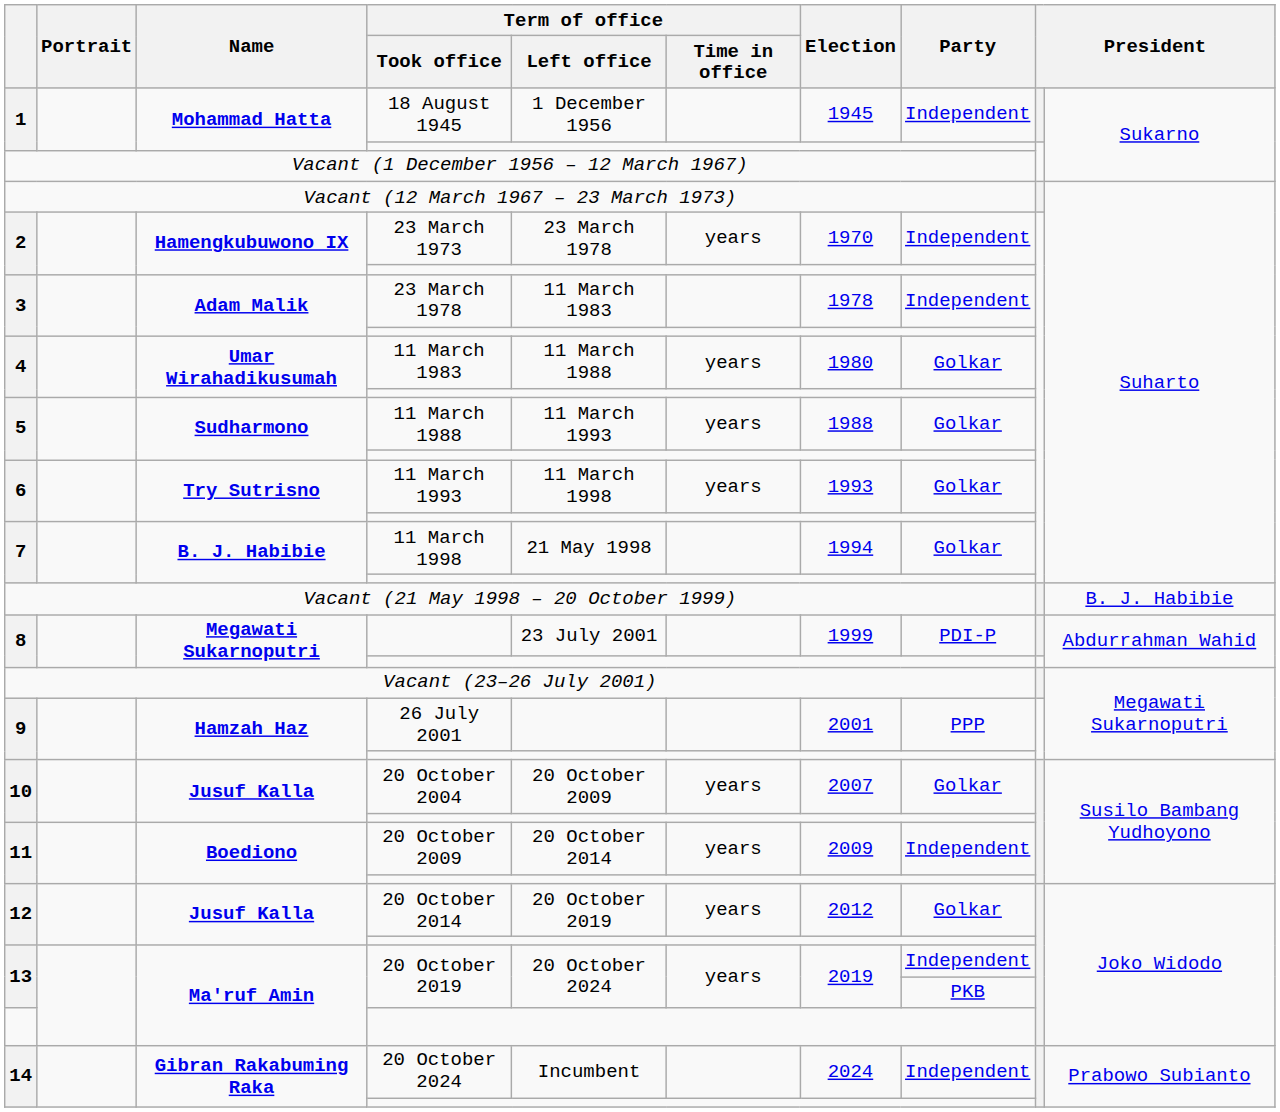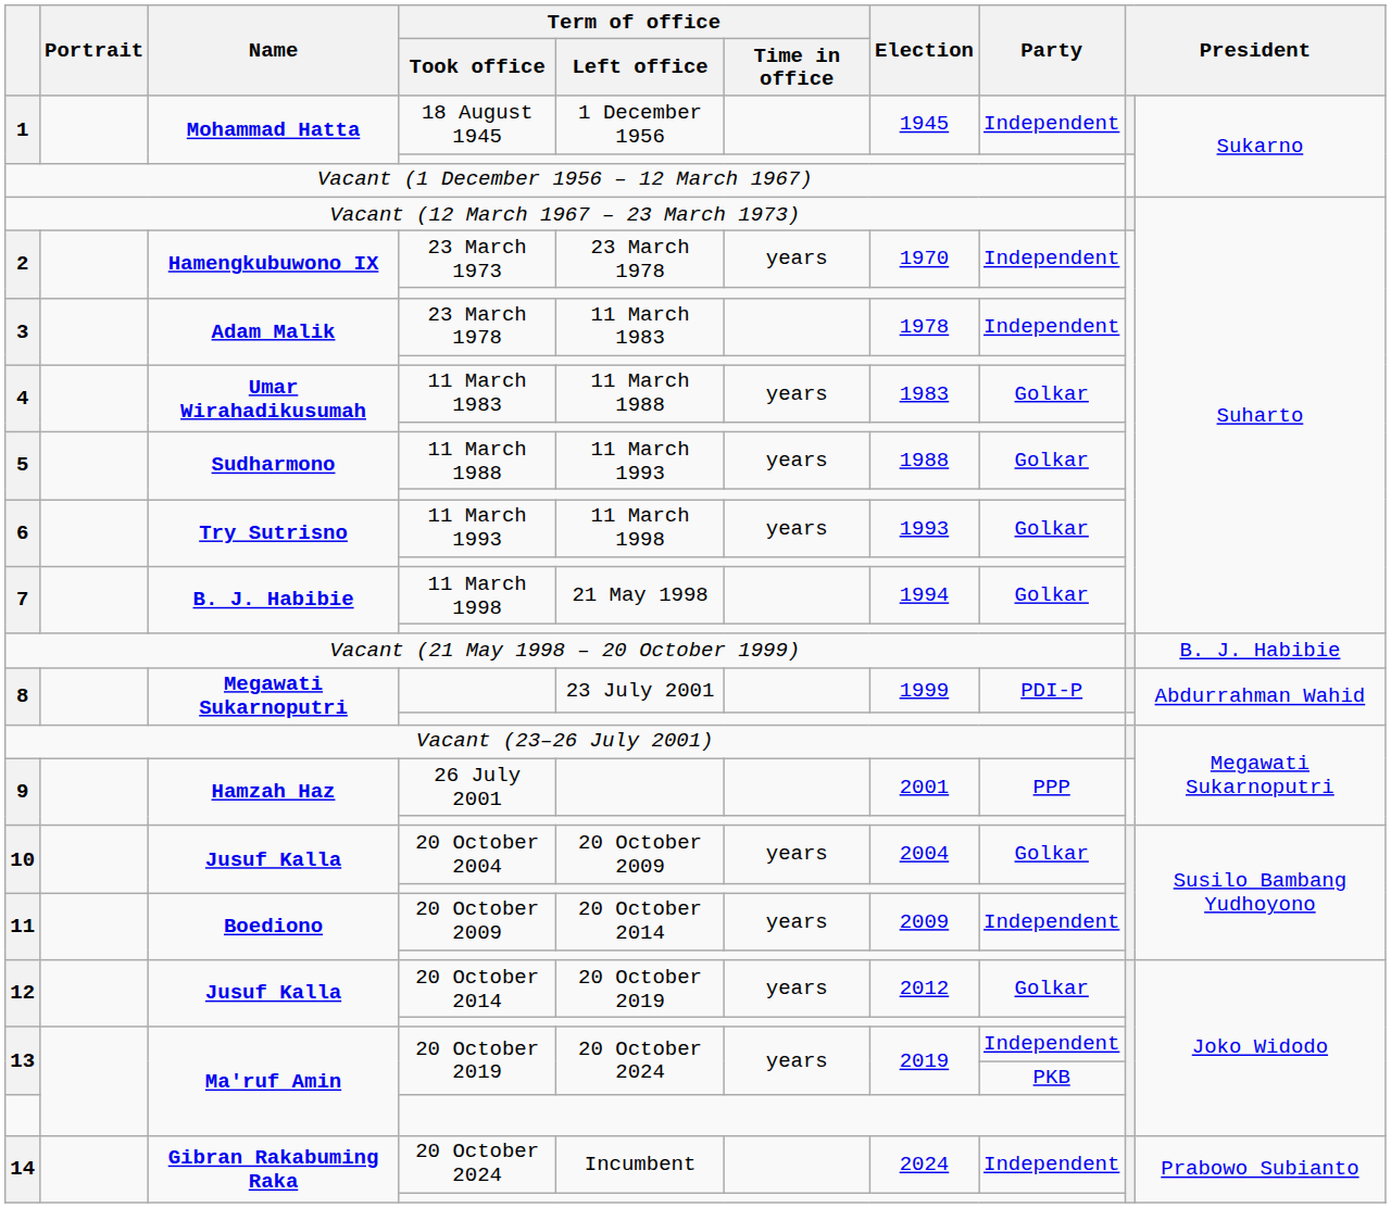 <table class="wikitable sortable sticky-header" style="text-align:center">
 <tr>
 <th rowspan="2"></th>
 <th rowspan="2">Portrait</th>
 <th rowspan="2">Name</th>
 <th colspan="3">Term of office</th>
 <th rowspan="2">Election</th>
 <th rowspan="2">Party</th>
 <th rowspan="2" colspan="2">President</th>
 </tr>
 <tr>
 <th>Took office</th>
 <th>Left office</th>
 <th>Time in office</th>
 </tr>
 <tr>
 <th rowspan="2" style="background:">1</th>
 <td rowspan="2"></td>
 <td rowspan="2"><strong><a href='#'>Mohammad Hatta</a></strong><br></td>
 <td>18 August 1945</td>
 <td>1 December 1956</td>
 <td></td>
 <td><a href='#'>1945</a></td>
 <td><a href='#'>Independent</a></td>
 <th style="background:"></th>
 <td rowspan="3"><a href='#'>Sukarno</a></td>
 </tr>
 <tr>
 <td colspan="5" align="left"></td>
 </tr>
 <tr>
 <td colspan="8"><em>Vacant (1 December 1956 – 12 March 1967)</em></td>
 </tr>
 <tr>
 <td colspan="8"><em>Vacant (12 March 1967 – 23 March 1973)</em></td>
 <th style="background:"></th>
 <td rowspan="13"><a href='#'>Suharto</a></td>
 </tr>
 <tr>
 <th rowspan="2" style="background:">2</th>
 <td rowspan="2"></td>
 <td rowspan="2"><strong><a href='#'>Hamengkubuwono IX</a></strong><br></td>
 <td>23 March 1973</td>
 <td>23 March 1978</td>
 <td> years</td>
 <td><a href='#'>1970</a></td>
 <td><a href='#'>Independent</a></td>
 </tr>
 <tr>
 <td colspan="5" align="left"></td>
 </tr>
 <tr>
 <th rowspan="2" style="background:">3</th>
 <td rowspan="2"></td>
 <td rowspan="2"><strong><a href='#'>Adam Malik</a></strong><br></td>
 <td>23 March 1978</td>
 <td>11 March 1983</td>
 <td></td>
 <td><a href='#'>1978</a></td>
 <td><a href='#'>Independent</a></td>
 </tr>
 <tr>
 <td colspan="5" align="left"></td>
 </tr>
 <tr>
 <th rowspan="2" style="background:">4</th>
 <td rowspan="2"></td>
 <td rowspan="2"><strong><a href='#'>Umar Wirahadikusumah</a></strong><br></td>
 <td>11 March 1983</td>
 <td>11 March 1988</td>
 <td> years</td>
-<td><a href='#'>1980</a></td>
+<td><a href='#'>1983</a></td>
 <td><a href='#'>Golkar</a></td>
 </tr>
 <tr>
 <td colspan="5" align="left"></td>
 </tr>
 <tr>
 <th rowspan="2" style="background:">5</th>
 <td rowspan="2"></td>
 <td rowspan="2"><strong><a href='#'>Sudharmono</a></strong><br></td>
 <td>11 March 1988</td>
 <td>11 March 1993</td>
 <td> years</td>
 <td><a href='#'>1988</a></td>
 <td><a href='#'>Golkar</a></td>
 </tr>
 <tr>
 <td colspan="5" align="left"></td>
 </tr>
 <tr>
 <th rowspan="2" style="background:">6</th>
 <td rowspan="2"></td>
 <td rowspan="2"><strong><a href='#'>Try Sutrisno</a></strong><br></td>
 <td>11 March 1993</td>
 <td>11 March 1998</td>
 <td> years</td>
 <td><a href='#'>1993</a></td>
 <td><a href='#'>Golkar</a></td>
 </tr>
 <tr>
 <td colspan="5" align="left"></td>
 </tr>
 <tr>
 <th rowspan="2" style="background:">7</th>
 <td rowspan="2"></td>
 <td rowspan="2"><strong><a href='#'>B. J. Habibie</a></strong><br></td>
 <td>11 March 1998</td>
 <td>21 May 1998</td>
 <td></td>
 <td><a href='#'>1994</a></td>
 <td><a href='#'>Golkar</a></td>
 </tr>
 <tr>
 <td colspan="5" align="left"></td>
 </tr>
 <tr>
 <td colspan="8"><em>Vacant (21 May 1998 – 20 October 1999)</em></td>
 <th style="background:"></th>
 <td><a href='#'>B. J. Habibie</a></td>
 </tr>
 <tr>
 <th rowspan="2" style="background:">8</th>
 <td rowspan="2"></td>
 <td rowspan="2"><strong><a href='#'>Megawati Sukarnoputri</a></strong><br></td>
 <td></td>
 <td>23 July 2001</td>
 <td></td>
 <td><a href='#'>1999</a></td>
 <td><a href='#'>PDI-P</a></td>
 <th style="background:"></th>
 <td rowspan="2"><a href='#'>Abdurrahman Wahid</a></td>
 </tr>
 <tr>
 <td colspan="5" align="left"></td>
 </tr>
 <tr>
 <td colspan="8"><em>Vacant (23–26 July 2001)</em></td>
 <th style="background:"></th>
 <td rowspan="3"><a href='#'>Megawati Sukarnoputri</a></td>
 </tr>
 <tr>
 <th rowspan="2" style="background:">9</th>
 <td rowspan="2"></td>
 <td rowspan="2"><strong><a href='#'>Hamzah Haz</a></strong><br></td>
 <td>26 July 2001</td>
 <td></td>
 <td></td>
 <td><a href='#'>2001</a></td>
 <td><a href='#'>PPP</a></td>
 </tr>
 <tr>
 <td colspan="5" align="left"></td>
 </tr>
 <tr>
 <th rowspan="2" style="background:">10</th>
 <td rowspan="2"></td>
 <td rowspan="2"><strong><a href='#'>Jusuf Kalla</a></strong><br></td>
 <td>20 October 2004</td>
 <td>20 October 2009</td>
 <td> years</td>
-<td><a href='#'>2007</a></td>
+<td><a href='#'>2004</a></td>
 <td><a href='#'>Golkar</a></td>
 <th rowspan="4" style="background:"></th>
 <td rowspan="4"><a href='#'>Susilo Bambang Yudhoyono</a></td>
 </tr>
 <tr>
 <td colspan="5" align="left"></td>
 </tr>
 <tr>
 <th rowspan="2" style="background:">11</th>
 <td rowspan="2"></td>
 <td rowspan="2"><strong><a href='#'>Boediono</a></strong><br></td>
 <td>20 October 2009</td>
 <td>20 October 2014</td>
 <td> years</td>
 <td><a href='#'>2009</a></td>
 <td><a href='#'>Independent</a></td>
 </tr>
 <tr>
 <td colspan="5" align="left"></td>
 </tr>
 <tr>
 <th rowspan="2" style="background:">12<br></th>
 <td rowspan="2"></td>
 <td rowspan="2"><strong><a href='#'>Jusuf Kalla</a></strong><br></td>
 <td>20 October 2014</td>
 <td>20 October 2019</td>
 <td> years</td>
 <td><a href='#'>2012</a></td>
 <td><a href='#'>Golkar</a></td>
 <th rowspan="5" style="background:"></th>
 <td rowspan="5"><a href='#'>Joko Widodo</a></td>
 </tr>
 <tr>
 <td colspan="5" align="left"></td>
 </tr>
 <tr>
 <th rowspan="2" style="background:">13</th>
 <td rowspan="3"></td>
 <td rowspan="3"><strong><a href='#'>Ma'ruf Amin</a></strong><br></td>
 <td rowspan="2">20 October 2019</td>
 <td rowspan="2">20 October 2024</td>
 <td rowspan="2"> years</td>
 <td rowspan="2"><a href='#'>2019</a></td>
 <td><a href='#'>Independent</a><br></td>
 </tr>
 <tr>
 <td><a href='#'>PKB</a><br></td>
 </tr>
 <tr style="height:2em">
 <td style="background:"></td>
 <td colspan="5" align="left"></td>
 </tr>
 <tr>
 <th rowspan="2" style="background:">14</th>
 <td rowspan="2"></td>
 <td rowspan="2"><strong><a href='#'>Gibran Rakabuming Raka</a></strong><br></td>
 <td>20 October 2024</td>
 <td>Incumbent</td>
 <td></td>
 <td><a href='#'>2024</a></td>
 <td><a href='#'>Independent</a></td>
 <th rowspan="2" style="background:"></th>
 <td rowspan="2"><a href='#'>Prabowo Subianto</a></td>
 </tr>
 <tr>
 <td colspan="5" align="left"></td>
 </tr>
 </table>
